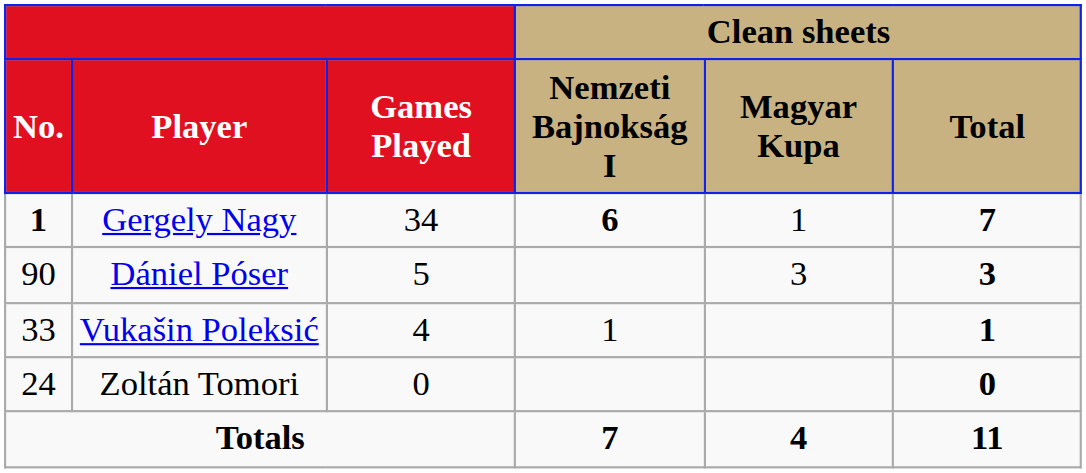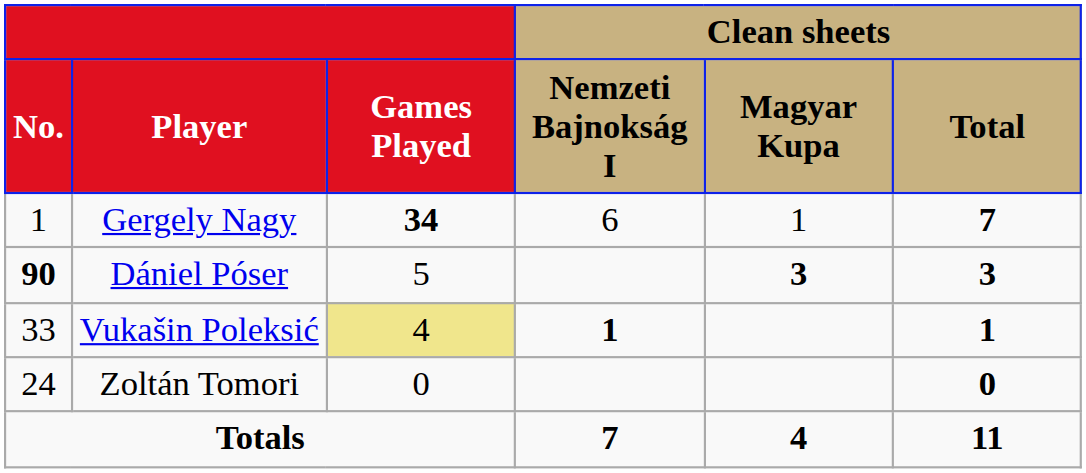 <table class="wikitable sortable alternance" style="text-align:center">
 <tr>
 <th colspan="3" style="background:#E01020;border:1px solid #0E22E9"></th>
 <th colspan="4" style="background:#C8B281;color:black;border:1px solid #0E22E9">Clean sheets</th>
 </tr>
 <tr>
 <th style="background-color:#E01020;color:white;border:1px solid #0E22E9">No.</th>
 <th style="background-color:#E01020;color:white;border:1px solid #0E22E9">Player</th>
 <th width=80 style="background-color:#E01020;color:white;border:1px solid #0E22E9">Games Played</th>
 <th width=80 style="background-color:#C8B281;color:black;border:1px solid #0E22E9">Nemzeti Bajnokság I</th>
 <th width=80 style="background-color:#C8B281;color:black;border:1px solid #0E22E9">Magyar Kupa</th>
 <th width=80 style="background-color:#C8B281;color:black;border:1px solid #0E22E9">Total</th>
 </tr>
 <tr>
-<td><strong>1</strong></td>
+<td>1</td>
 <td> <a href='#'>Gergely Nagy</a></td>
-<td>34</td>
-<td><strong>6</strong></td>
+<td><strong>34</strong></td>
+<td>6</td>
 <td>1</td>
 <td><strong>7</strong></td>
 </tr>
 <tr>
-<td>90</td>
+<td><strong>90</strong></td>
 <td> <a href='#'>Dániel Póser</a></td>
 <td>5</td>
 <td></td>
-<td>3</td>
+<td><strong>3</strong></td>
 <td><strong>3</strong></td>
 </tr>
 <tr>
 <td>33</td>
 <td> <a href='#'>Vukašin Poleksić</a></td>
-<td>4</td>
-<td>1</td>
+<td style="background: khaki;">4</td>
+<td><strong>1</strong></td>
 <td></td>
 <td><strong>1</strong></td>
 </tr>
 <tr>
 <td>24</td>
 <td> Zoltán Tomori</td>
 <td>0</td>
 <td></td>
 <td></td>
 <td><strong>0</strong></td>
 </tr>
 <tr class="sortbottom">
 <td colspan="3"><strong>Totals</strong></td>
 <td><strong>7</strong></td>
 <td><strong>4</strong></td>
 <td><strong>11</strong></td>
 </tr>
 </table>
